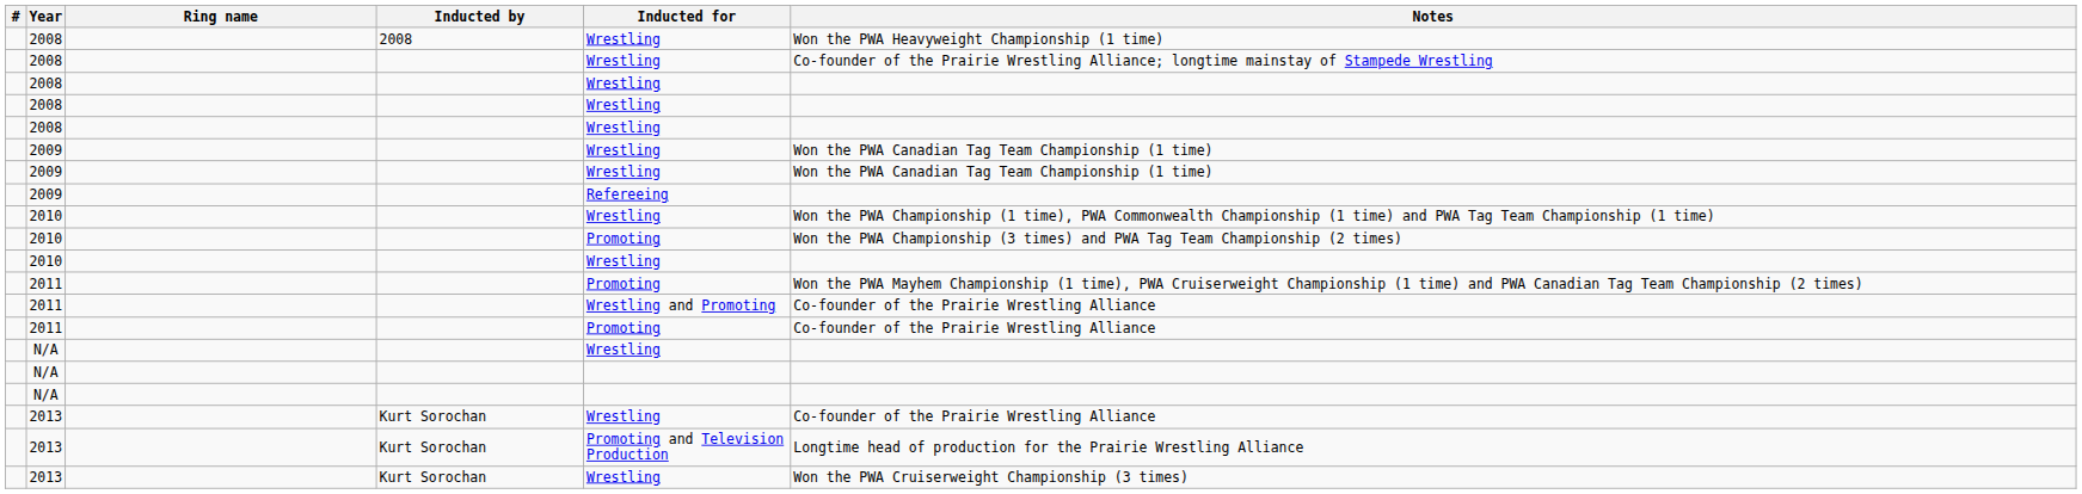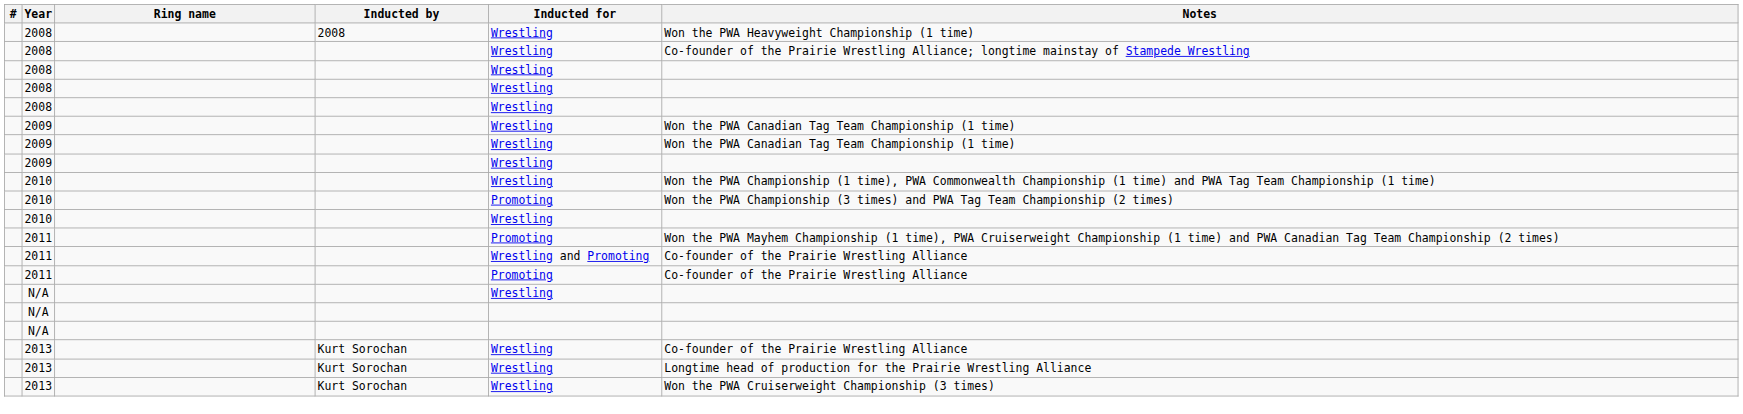 <table class="wikitable sortable" style="font-size: 100%">
 <tr>
 <th width="1%">#</th>
 <th width="1%"><strong>Year</strong></th>
 <th width="15%"><strong>Ring name</strong><br></th>
 <th width="10%"><strong>Inducted by</strong></th>
 <th width="10%"><strong>Inducted for</strong></th>
 <th class="unsortable"><strong>Notes</strong></th>
 </tr>
 <tr>
 <td align="center"></td>
 <td align="center">2008</td>
 <td><br></td>
 <td>2008</td>
 <td><a href='#'>Wrestling</a></td>
 <td>Won the PWA Heavyweight Championship (1 time)</td>
 </tr>
 <tr>
 <td align="center"></td>
 <td align="center">2008</td>
 <td><br></td>
 <td></td>
 <td><a href='#'>Wrestling</a></td>
 <td>Co-founder of the Prairie Wrestling Alliance; longtime mainstay of <a href='#'>Stampede Wrestling</a></td>
 </tr>
 <tr>
 <td align="center"></td>
 <td align="center">2008</td>
 <td><br></td>
 <td></td>
 <td><a href='#'>Wrestling</a></td>
 <td></td>
 </tr>
 <tr>
 <td align="center"></td>
 <td align="center">2008</td>
 <td><br></td>
 <td></td>
 <td><a href='#'>Wrestling</a></td>
 <td></td>
 </tr>
 <tr>
 <td align="center"></td>
 <td align="center">2008</td>
 <td><br></td>
 <td></td>
 <td><a href='#'>Wrestling</a></td>
 <td></td>
 </tr>
 <tr>
 <td align="center"></td>
 <td align="center">2009</td>
 <td></td>
 <td></td>
 <td><a href='#'>Wrestling</a></td>
 <td>Won the PWA Canadian Tag Team Championship (1 time)</td>
 </tr>
 <tr>
 <td align="center"></td>
 <td align="center">2009</td>
 <td><br></td>
 <td></td>
 <td><a href='#'>Wrestling</a></td>
 <td>Won the PWA Canadian Tag Team Championship (1 time)</td>
 </tr>
 <tr>
 <td align="center"></td>
 <td align="center">2009</td>
 <td></td>
 <td></td>
-<td><a href='#'>Refereeing</a></td>
+<td><a href='#'>Wrestling</a></td>
 <td></td>
 </tr>
 <tr>
 <td align="center"></td>
 <td align="center">2010</td>
 <td></td>
 <td></td>
 <td><a href='#'>Wrestling</a></td>
 <td>Won the PWA Championship (1 time), PWA Commonwealth Championship (1 time) and PWA Tag Team Championship (1 time)</td>
 </tr>
 <tr>
 <td align="center"></td>
 <td align="center">2010</td>
 <td></td>
 <td></td>
 <td><a href='#'>Promoting</a></td>
 <td>Won the PWA Championship (3 times) and PWA Tag Team Championship (2 times)</td>
 </tr>
 <tr>
 <td align="center"></td>
 <td align="center">2010</td>
 <td></td>
 <td></td>
 <td><a href='#'>Wrestling</a></td>
 <td></td>
 </tr>
 <tr>
 <td align="center"></td>
 <td align="center">2011</td>
 <td></td>
 <td></td>
 <td><a href='#'>Promoting</a></td>
 <td>Won the PWA Mayhem Championship (1 time), PWA Cruiserweight Championship (1 time) and PWA Canadian Tag Team Championship (2 times)</td>
 </tr>
 <tr>
 <td align="center"></td>
 <td align="center">2011</td>
 <td></td>
 <td></td>
 <td><a href='#'>Wrestling</a> and <a href='#'>Promoting</a></td>
 <td>Co-founder of the Prairie Wrestling Alliance</td>
 </tr>
 <tr>
 <td align="center"></td>
 <td align="center">2011</td>
 <td></td>
 <td></td>
 <td><a href='#'>Promoting</a></td>
 <td>Co-founder of the Prairie Wrestling Alliance</td>
 </tr>
 <tr>
 <td align="center"></td>
 <td align="center">N/A</td>
 <td><br></td>
 <td></td>
 <td><a href='#'>Wrestling</a></td>
 <td></td>
 </tr>
 <tr>
 <td align="center"></td>
 <td align="center">N/A</td>
 <td></td>
 <td></td>
 <td></td>
 <td></td>
 </tr>
 <tr>
 <td align="center"></td>
 <td align="center">N/A</td>
 <td></td>
 <td></td>
 <td></td>
 <td></td>
 </tr>
 <tr>
 <td align="center"></td>
 <td align="center">2013</td>
 <td><br></td>
 <td>Kurt Sorochan</td>
 <td><a href='#'>Wrestling</a></td>
 <td>Co-founder of the Prairie Wrestling Alliance</td>
 </tr>
 <tr>
 <td align="center"></td>
 <td align="center">2013</td>
 <td></td>
 <td>Kurt Sorochan</td>
-<td><a href='#'>Promoting</a> and <a href='#'>Television Production</a></td>
+<td><a href='#'>Wrestling</a></td>
 <td>Longtime head of production for the Prairie Wrestling Alliance</td>
 </tr>
 <tr>
 <td align="center"></td>
 <td align="center">2013</td>
 <td></td>
 <td>Kurt Sorochan</td>
 <td><a href='#'>Wrestling</a></td>
 <td>Won the PWA Cruiserweight Championship (3 times)</td>
 </tr>
 </table>
